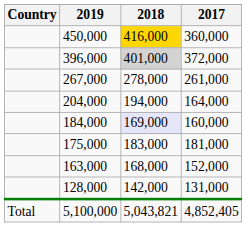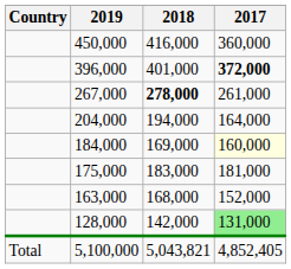 <table class="wikitable sortable">
 <tr>
 </tr>
 <tr>
 <th style=background:>Country</th>
 <th style=background:>2019</th>
 <th style=background:>2018</th>
 <th style=background:>2017</th>
 </tr>
 <tr>
 <td></td>
 <td>450,000</td>
-<td style="background: gold;">416,000</td>
+<td>416,000</td>
 <td>360,000</td>
 </tr>
 <tr>
 <td></td>
 <td>396,000</td>
-<td style="background: lightgrey;">401,000</td>
-<td>372,000</td>
+<td>401,000</td>
+<td><strong>372,000</strong></td>
 </tr>
 <tr>
 <td></td>
 <td>267,000</td>
-<td>278,000</td>
+<td><strong>278,000</strong></td>
 <td>261,000</td>
 </tr>
 <tr>
 <td></td>
 <td>204,000</td>
 <td>194,000</td>
 <td>164,000</td>
 </tr>
 <tr>
 <td></td>
 <td>184,000</td>
-<td style="background: lavender;">169,000</td>
-<td>160,000</td>
+<td>169,000</td>
+<td style="background: lightyellow;">160,000</td>
 </tr>
 <tr>
 <td></td>
 <td>175,000</td>
 <td>183,000</td>
 <td>181,000</td>
 </tr>
 <tr>
 <td></td>
 <td>163,000</td>
 <td>168,000</td>
 <td>152,000</td>
 </tr>
 <tr>
 <td></td>
 <td>128,000</td>
 <td>142,000</td>
-<td>131,000</td>
+<td style="background: lightgreen;">131,000</td>
 </tr>
 <tr style="border-top:3px solid green;">
 <td>Total</td>
 <td>5,100,000</td>
 <td>5,043,821</td>
 <td>4,852,405</td>
 </tr>
 </table>
